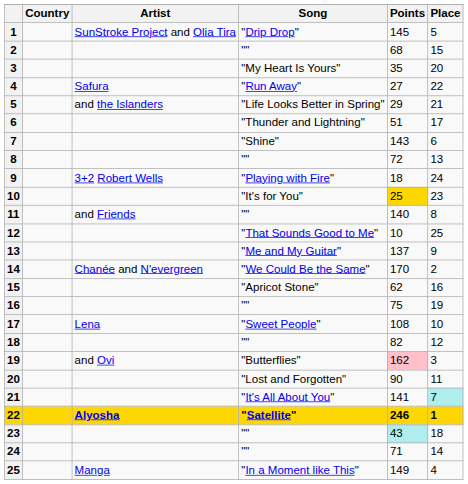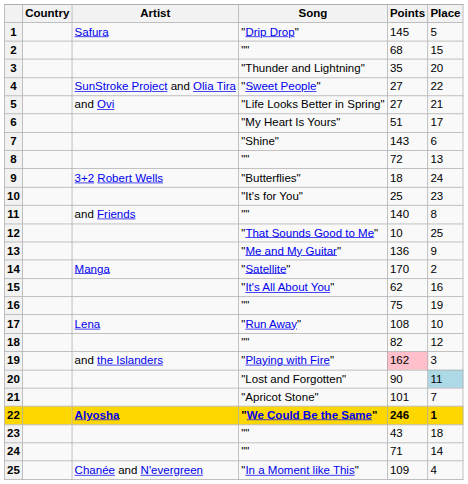 <table class="sortable wikitable plainrowheaders">
 <tr>
 </tr>
 <tr>
 <th scope="col"></th>
 <th scope="col">Country</th>
 <th scope="col">Artist</th>
 <th scope="col">Song</th>
 <th scope="col">Points</th>
 <th scope="col">Place</th>
 </tr>
 <tr>
 <th scope="row" style="text-align:center;">1</th>
 <td></td>
-<td><a href='#'>SunStroke Project</a> and <a href='#'>Olia Tira</a></td>
+<td><a href='#'>Safura</a></td>
 <td>"<a href='#'>Drip Drop</a>"</td>
 <td>145</td>
 <td>5</td>
 </tr>
 <tr>
 <th scope="row" style="text-align:center;">2</th>
 <td></td>
 <td></td>
 <td>""</td>
 <td>68</td>
 <td>15</td>
 </tr>
 <tr>
 <th scope="row" style="text-align:center;">3</th>
 <td></td>
 <td></td>
-<td>"My Heart Is Yours"</td>
+<td>"Thunder and Lightning"</td>
 <td>35</td>
 <td>20</td>
 </tr>
 <tr>
 <th scope="row" style="text-align:center;">4</th>
 <td></td>
-<td><a href='#'>Safura</a></td>
-<td>"<a href='#'>Run Away</a>"</td>
+<td><a href='#'>SunStroke Project</a> and <a href='#'>Olia Tira</a></td>
+<td>"<a href='#'>Sweet People</a>"</td>
 <td>27</td>
 <td>22</td>
 </tr>
 <tr>
 <th scope="row" style="text-align:center;">5</th>
 <td></td>
-<td> and <a href='#'>the Islanders</a></td>
+<td> and <a href='#'>Ovi</a></td>
 <td>"Life Looks Better in Spring"</td>
-<td>29</td>
+<td>27</td>
 <td>21</td>
 </tr>
 <tr>
 <th scope="row" style="text-align:center;">6</th>
 <td></td>
 <td></td>
-<td>"Thunder and Lightning"</td>
+<td>"My Heart Is Yours"</td>
 <td>51</td>
 <td>17</td>
 </tr>
 <tr>
 <th scope="row" style="text-align:center;">7</th>
 <td></td>
 <td></td>
 <td>"Shine"</td>
 <td>143</td>
 <td>6</td>
 </tr>
 <tr>
 <th scope="row" style="text-align:center;">8</th>
 <td></td>
 <td></td>
 <td>""</td>
 <td>72</td>
 <td>13</td>
 </tr>
 <tr>
 <th scope="row" style="text-align:center;">9</th>
 <td></td>
 <td><a href='#'>3+2</a>  <a href='#'>Robert Wells</a></td>
-<td>"<a href='#'>Playing with Fire</a>"</td>
+<td>"Butterflies"</td>
 <td>18</td>
 <td>24</td>
 </tr>
 <tr>
 <th scope="row" style="text-align:center;">10</th>
 <td></td>
 <td></td>
 <td>"It's for You"</td>
-<td style="background: gold;">25</td>
+<td>25</td>
 <td>23</td>
 </tr>
 <tr>
 <th scope="row" style="text-align:center;">11</th>
 <td></td>
 <td> and <a href='#'>Friends</a></td>
 <td>""</td>
 <td>140</td>
 <td>8</td>
 </tr>
 <tr>
 <th scope="row" style="text-align:center;">12</th>
 <td></td>
 <td></td>
 <td>"<a href='#'>That Sounds Good to Me</a>"</td>
 <td>10</td>
 <td>25</td>
 </tr>
 <tr>
 <th scope="row" style="text-align:center;">13</th>
 <td></td>
 <td></td>
 <td>"<a href='#'>Me and My Guitar</a>"</td>
-<td>137</td>
+<td>136</td>
 <td>9</td>
 </tr>
 <tr>
 <th scope="row" style="text-align:center;">14</th>
 <td></td>
-<td><a href='#'>Chanée</a> and <a href='#'>N'evergreen</a></td>
-<td>"<a href='#'>We Could Be the Same</a>"</td>
+<td><a href='#'>Manga</a></td>
+<td>"<a href='#'>Satellite</a>"</td>
 <td>170</td>
 <td>2</td>
 </tr>
 <tr>
 <th scope="row" style="text-align:center;">15</th>
 <td></td>
 <td></td>
-<td>"Apricot Stone"</td>
+<td>"<a href='#'>It's All About You</a>"</td>
 <td>62</td>
 <td>16</td>
 </tr>
 <tr>
 <th scope="row" style="text-align:center;">16</th>
 <td></td>
 <td></td>
 <td>""</td>
 <td>75</td>
 <td>19</td>
 </tr>
 <tr>
 <th scope="row" style="text-align:center;">17</th>
 <td></td>
 <td><a href='#'>Lena</a></td>
-<td>"<a href='#'>Sweet People</a>"</td>
+<td>"<a href='#'>Run Away</a>"</td>
 <td>108</td>
 <td>10</td>
 </tr>
 <tr>
 <th scope="row" style="text-align:center;">18</th>
 <td></td>
 <td></td>
 <td>""</td>
 <td>82</td>
 <td>12</td>
 </tr>
 <tr>
 <th scope="row" style="text-align:center;">19</th>
 <td></td>
-<td> and <a href='#'>Ovi</a></td>
-<td>"Butterflies"</td>
+<td> and <a href='#'>the Islanders</a></td>
+<td>"<a href='#'>Playing with Fire</a>"</td>
 <td style="background: pink;">162</td>
 <td>3</td>
 </tr>
 <tr>
 <th scope="row" style="text-align:center;">20</th>
 <td></td>
 <td></td>
 <td>"Lost and Forgotten"</td>
 <td>90</td>
-<td>11</td>
+<td style="background: lightblue;">11</td>
 </tr>
 <tr>
 <th scope="row" style="text-align:center;">21</th>
 <td></td>
 <td></td>
-<td>"<a href='#'>It's All About You</a>"</td>
-<td>141</td>
-<td style="background: paleturquoise;">7</td>
+<td>"Apricot Stone"</td>
+<td>101</td>
+<td>7</td>
 </tr>
 <tr style="font-weight:bold; background:gold;">
 <th scope="row" style="text-align:center; font-weight:bold; background:gold;">22</th>
 <td></td>
 <td><a href='#'>Alyosha</a></td>
-<td>"<a href='#'>Satellite</a>"</td>
+<td>"<a href='#'>We Could Be the Same</a>"</td>
 <td>246</td>
 <td>1</td>
 </tr>
 <tr>
 <th scope="row" style="text-align:center;">23</th>
 <td></td>
 <td></td>
 <td>""</td>
-<td style="background: paleturquoise;">43</td>
+<td>43</td>
 <td>18</td>
 </tr>
 <tr>
 <th scope="row" style="text-align:center;">24</th>
 <td></td>
 <td></td>
 <td>""</td>
 <td>71</td>
 <td>14</td>
 </tr>
 <tr>
 <th scope="row" style="text-align:center;">25</th>
 <td></td>
-<td><a href='#'>Manga</a></td>
+<td><a href='#'>Chanée</a> and <a href='#'>N'evergreen</a></td>
 <td>"<a href='#'>In a Moment like This</a>"</td>
-<td>149</td>
+<td>109</td>
 <td>4</td>
 </tr>
 </table>
